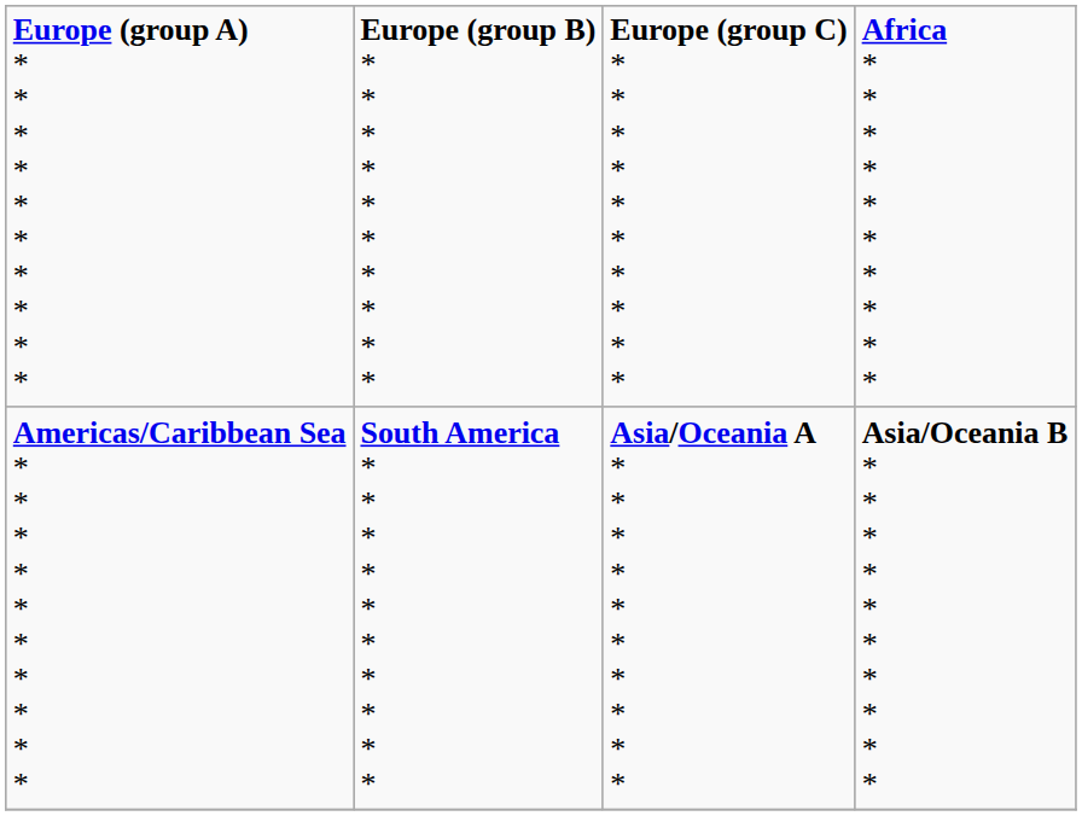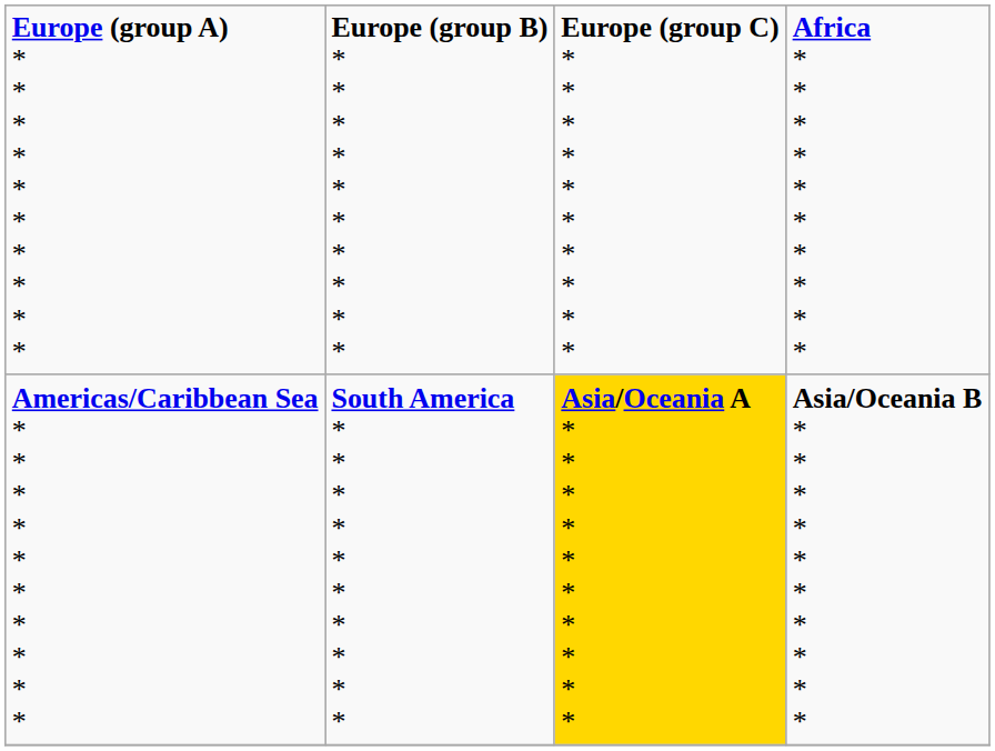 <table class="wikitable">
 <tr>
 <td><strong><a href='#'>Europe</a> (group A)</strong><br>* <br>* <br>* <br>* <br>* <br>* <br>* <br>* <br>* <br>* </td>
 <td><strong>Europe (group B)</strong><br>* <br>* <br>* <br>* <br>* <br>* <br>* <br>* <br>* <br>* </td>
 <td><strong>Europe (group C)</strong><br>* <br>* <br>* <br>* <br>* <br>* <br>* <br>* <br>* <br>* </td>
 <td><strong><a href='#'>Africa</a></strong><br>* <br>* <br>* <br>* <br>* <br>* <br>* <br>* <br>* <br>* </td>
 </tr>
 <tr>
 <td><strong><a href='#'>Americas/Caribbean Sea</a></strong><br>* <br>* <br>* <br>* <br>* <br>* <br>* <br>* <br>* <br>* </td>
 <td><strong><a href='#'>South America</a></strong><br>* <br>* <br>* <br>* <br>* <br>* <br>* <br>* <br>* <br>* </td>
-<td><strong><a href='#'>Asia</a>/<a href='#'>Oceania</a> A</strong><br>* <br>* <br>* <br>* <br>* <br>* <br>* <br>* <br>* <br>* </td>
+<td style="background: gold;"><strong><a href='#'>Asia</a>/<a href='#'>Oceania</a> A</strong><br>* <br>* <br>* <br>* <br>* <br>* <br>* <br>* <br>* <br>* </td>
 <td><strong>Asia/Oceania B</strong><br>* <br>* <br>* <br>* <br>* <br>* <br>* <br>* <br>* <br>* </td>
 </tr>
 <tr>
 </tr>
 </table>
